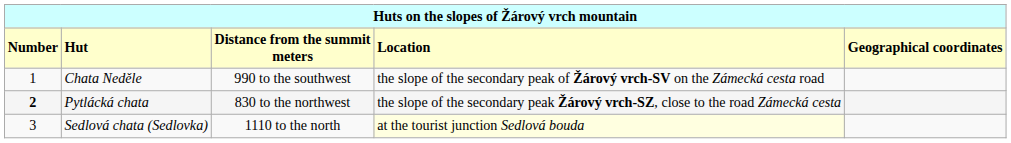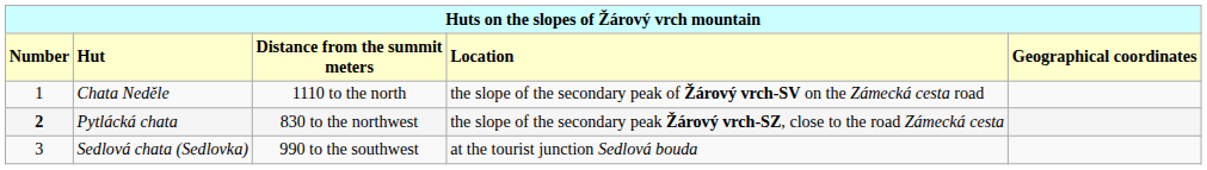 <table class="wikitable" style="font-size:90%">
 <tr>
 <td colspan="5" align="center" bgcolor="#CCFFFF"> <strong>Huts on the slopes of Žárový vrch mountain</strong></td>
 </tr>
 <tr bgcolor="#FFFFCC">
 <td align="center"><strong>Number</strong></td>
 <td><strong>Hut</strong></td>
 <td align="center"><strong>Distance from the summit</strong><br><strong>meters</strong></td>
 <td><strong>Location</strong></td>
 <td align="center"><strong>Geographical coordinates</strong></td>
 </tr>
 <tr>
 <td align="center">1</td>
 <td><em>Chata Neděle</em></td>
-<td align="center">990 to the southwest</td>
+<td align="center">1110 to the north</td>
 <td>the slope of the secondary peak of <strong>Žárový vrch-SV</strong> on the <em>Zámecká cesta</em> road</td>
 <td align="center"></td>
 </tr>
 <tr bgcolor="#F5F5F5">
 <td align="center"><strong>2</strong></td>
 <td><em>Pytlácká chata</em></td>
 <td align="center">830 to the northwest</td>
 <td>the slope of the secondary peak <strong>Žárový vrch-SZ</strong>, close to the road <em>Zámecká cesta</em></td>
 <td align="center"></td>
 </tr>
 <tr>
 <td align="center">3</td>
 <td><em>Sedlová chata (Sedlovka)</em></td>
-<td align="center">1110 to the north</td>
-<td style="background: lightyellow;">at the tourist junction <em>Sedlová bouda</em></td>
+<td align="center">990 to the southwest</td>
+<td>at the tourist junction <em>Sedlová bouda</em></td>
 <td align="center"></td>
 </tr>
 </table>
